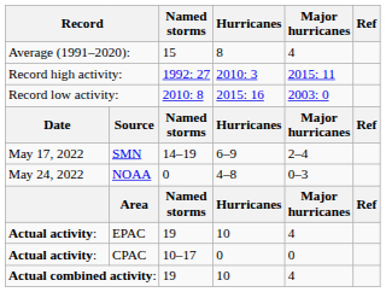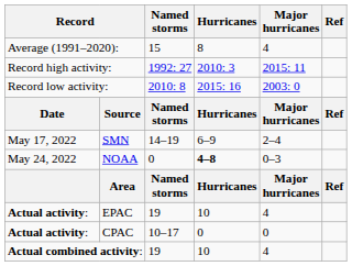 <table class="wikitable floatright" style="border-spacing: 2px; border: 1px solid darkgray;">
 <tr>
 <th colspan=2>Record</th>
 <th>Named<br>storms</th>
 <th>Hurricanes</th>
 <th>Major<br>hurricanes</th>
 <th>Ref</th>
 </tr>
 <tr>
 <td colspan=2>Average (1991–2020):</td>
 <td>15</td>
 <td>8</td>
 <td>4</td>
 <td></td>
 </tr>
 <tr>
 <td colspan=2>Record high activity:</td>
 <td><a href='#'>1992: 27</a></td>
 <td><a href='#'>2010: 3</a></td>
 <td><a href='#'>2015: 11</a></td>
 <td></td>
 </tr>
 <tr>
 <td colspan=2>Record low activity:</td>
 <td><a href='#'>2010: 8</a></td>
 <td><a href='#'>2015: 16</a></td>
 <td><a href='#'>2003: 0</a></td>
 <td></td>
 </tr>
 <tr>
 <th>Date</th>
 <th>Source</th>
 <th>Named<br>storms</th>
 <th>Hurricanes</th>
 <th>Major<br>hurricanes</th>
 <th>Ref</th>
 </tr>
 <tr>
 <td>May 17, 2022</td>
 <td><a href='#'>SMN</a></td>
 <td>14–19</td>
 <td>6–9</td>
 <td>2–4</td>
 <td></td>
 </tr>
 <tr>
 <td>May 24, 2022</td>
 <td><a href='#'>NOAA</a></td>
 <td>0</td>
-<td>4–8</td>
+<td><strong>4–8</strong></td>
 <td>0–3</td>
 <td></td>
 </tr>
 <tr>
 <th></th>
 <th>Area</th>
 <th>Named<br>storms</th>
 <th>Hurricanes</th>
 <th>Major<br>hurricanes</th>
 <th>Ref</th>
 </tr>
 <tr>
 <td><strong>Actual activity</strong>:</td>
 <td>EPAC</td>
 <td>19</td>
 <td>10</td>
 <td>4</td>
 <td></td>
 </tr>
 <tr>
 <td><strong>Actual activity</strong>:</td>
 <td>CPAC</td>
 <td>10–17</td>
 <td>0</td>
 <td>0</td>
 <td></td>
 </tr>
 <tr>
 <td colspan="2"><strong>Actual combined activity</strong>:</td>
 <td>19</td>
 <td>10</td>
 <td>4</td>
 <td></td>
 </tr>
 </table>
